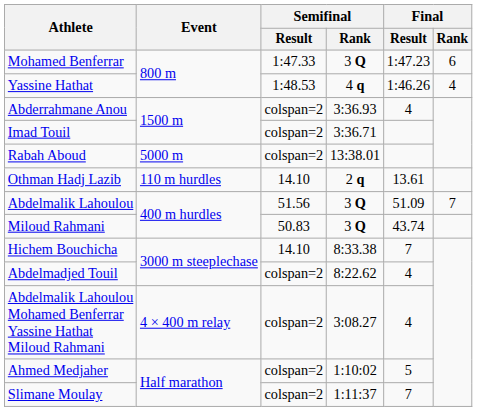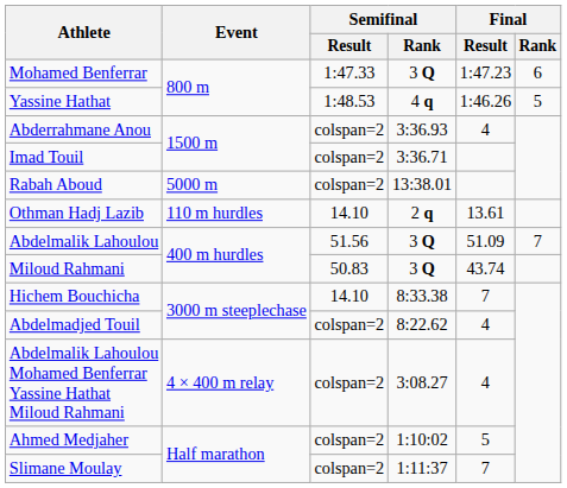 <table class="wikitable" style="font-size:90%">
 <tr>
 <th rowspan="2">Athlete</th>
 <th rowspan="2">Event</th>
 <th colspan="2">Semifinal</th>
 <th colspan="2">Final</th>
 </tr>
 <tr style="font-size:95%">
 <th>Result</th>
 <th>Rank</th>
 <th>Result</th>
 <th>Rank</th>
 </tr>
 <tr align=center>
 <td align=left><a href='#'>Mohamed Benferrar</a></td>
 <td align=left rowspan=2><a href='#'>800 m</a></td>
 <td>1:47.33</td>
 <td>3 <strong>Q</strong></td>
 <td>1:47.23</td>
 <td>6</td>
 </tr>
 <tr align=center>
 <td align=left><a href='#'>Yassine Hathat</a></td>
 <td>1:48.53</td>
 <td>4 <strong>q</strong></td>
 <td>1:46.26</td>
-<td>4</td>
+<td>5</td>
 </tr>
 <tr align=center>
 <td align=left><a href='#'>Abderrahmane Anou</a></td>
 <td align=left rowspan=2><a href='#'>1500 m</a></td>
 <td>colspan=2 </td>
 <td>3:36.93</td>
 <td>4</td>
 </tr>
 <tr align=center>
 <td align=left><a href='#'>Imad Touil</a></td>
 <td>colspan=2 </td>
 <td>3:36.71</td>
 <td></td>
 </tr>
 <tr align=center>
 <td align=left><a href='#'>Rabah Aboud</a></td>
 <td align=left><a href='#'>5000 m</a></td>
 <td>colspan=2 </td>
 <td>13:38.01</td>
 <td></td>
 </tr>
 <tr align=center>
 <td align=left><a href='#'>Othman Hadj Lazib</a></td>
 <td align=left><a href='#'>110 m hurdles</a></td>
 <td>14.10</td>
 <td>2 <strong>q</strong></td>
 <td>13.61</td>
 <td></td>
 </tr>
 <tr align=center>
 <td align=left><a href='#'>Abdelmalik Lahoulou</a></td>
 <td align=left rowspan=2><a href='#'>400 m hurdles</a></td>
 <td>51.56</td>
 <td>3 <strong>Q</strong></td>
 <td>51.09</td>
 <td>7</td>
 </tr>
 <tr align=center>
 <td align=left><a href='#'>Miloud Rahmani</a></td>
 <td>50.83</td>
 <td>3 <strong>Q</strong></td>
 <td>43.74</td>
 <td></td>
 </tr>
 <tr align=center>
 <td align=left><a href='#'>Hichem Bouchicha</a></td>
 <td align=left rowspan=2><a href='#'>3000 m steeplechase</a></td>
 <td>14.10</td>
 <td>8:33.38</td>
 <td>7</td>
 </tr>
 <tr align=center>
 <td align=left><a href='#'>Abdelmadjed Touil</a></td>
 <td>colspan=2 </td>
 <td>8:22.62</td>
 <td>4</td>
 </tr>
 <tr align=center>
 <td align=left><a href='#'>Abdelmalik Lahoulou</a><br><a href='#'>Mohamed Benferrar</a><br><a href='#'>Yassine Hathat</a><br><a href='#'>Miloud Rahmani</a></td>
 <td align=left><a href='#'>4 × 400 m relay</a></td>
 <td>colspan=2 </td>
 <td>3:08.27</td>
 <td>4</td>
 </tr>
 <tr align=center>
 <td align=left><a href='#'>Ahmed Medjaher</a></td>
 <td align=left rowspan=2><a href='#'>Half marathon</a></td>
 <td>colspan=2 </td>
 <td>1:10:02</td>
 <td>5</td>
 </tr>
 <tr align=center>
 <td align=left><a href='#'>Slimane Moulay</a></td>
 <td>colspan=2 </td>
 <td>1:11:37</td>
 <td>7</td>
 </tr>
 </table>
